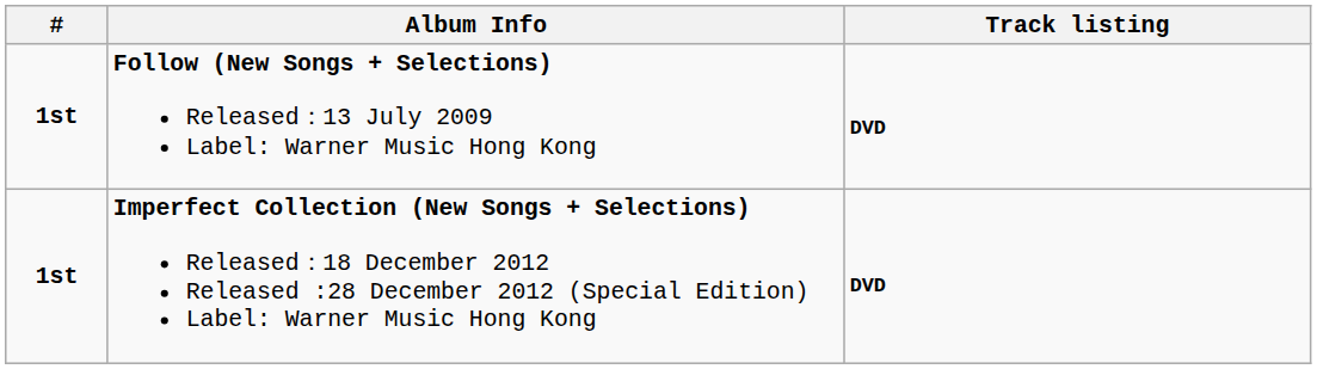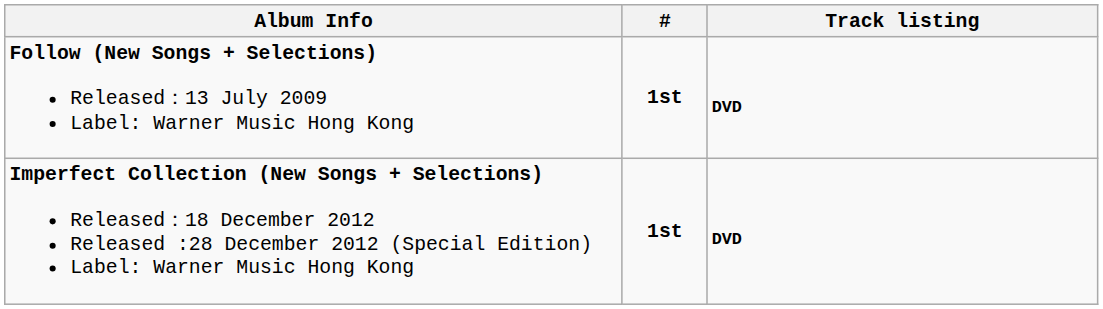 <table class="wikitable">
 <tr>
+<th align="left" width="400px">Album Info</th>
 <th align="left" width="50px">#</th>
-<th align="left" width="400px">Album Info</th>
 <th align="left" width="250px">Track listing</th>
 </tr>
 <tr>
+<td align="left"><strong>Follow (New Songs + Selections)</strong><br><ul><li>Released：13 July 2009</li><li>Label: Warner Music Hong Kong</li></ul></td>
 <td align="center"><strong>1st</strong></td>
-<td align="left"><strong>Follow (New Songs + Selections)</strong><br><ul><li>Released：13 July 2009</li><li>Label: Warner Music Hong Kong</li></ul></td>
 <td align="left" style="font-size: 85%;"><br><strong>DVD</strong>  </td>
 </tr>
 <tr>
+<td align="left"><strong>Imperfect Collection (New Songs + Selections)</strong><br><ul><li>Released：18 December 2012</li><li>Released :28 December 2012 (Special Edition)</li><li>Label: Warner Music Hong Kong</li></ul></td>
 <td align="center"><strong>1st</strong></td>
-<td align="left"><strong>Imperfect Collection (New Songs + Selections)</strong><br><ul><li>Released：18 December 2012</li><li>Released :28 December 2012 (Special Edition)</li><li>Label: Warner Music Hong Kong</li></ul></td>
 <td align="left" style="font-size: 85%;"><br><strong>DVD</strong>  </td>
 </tr>
 </table>
